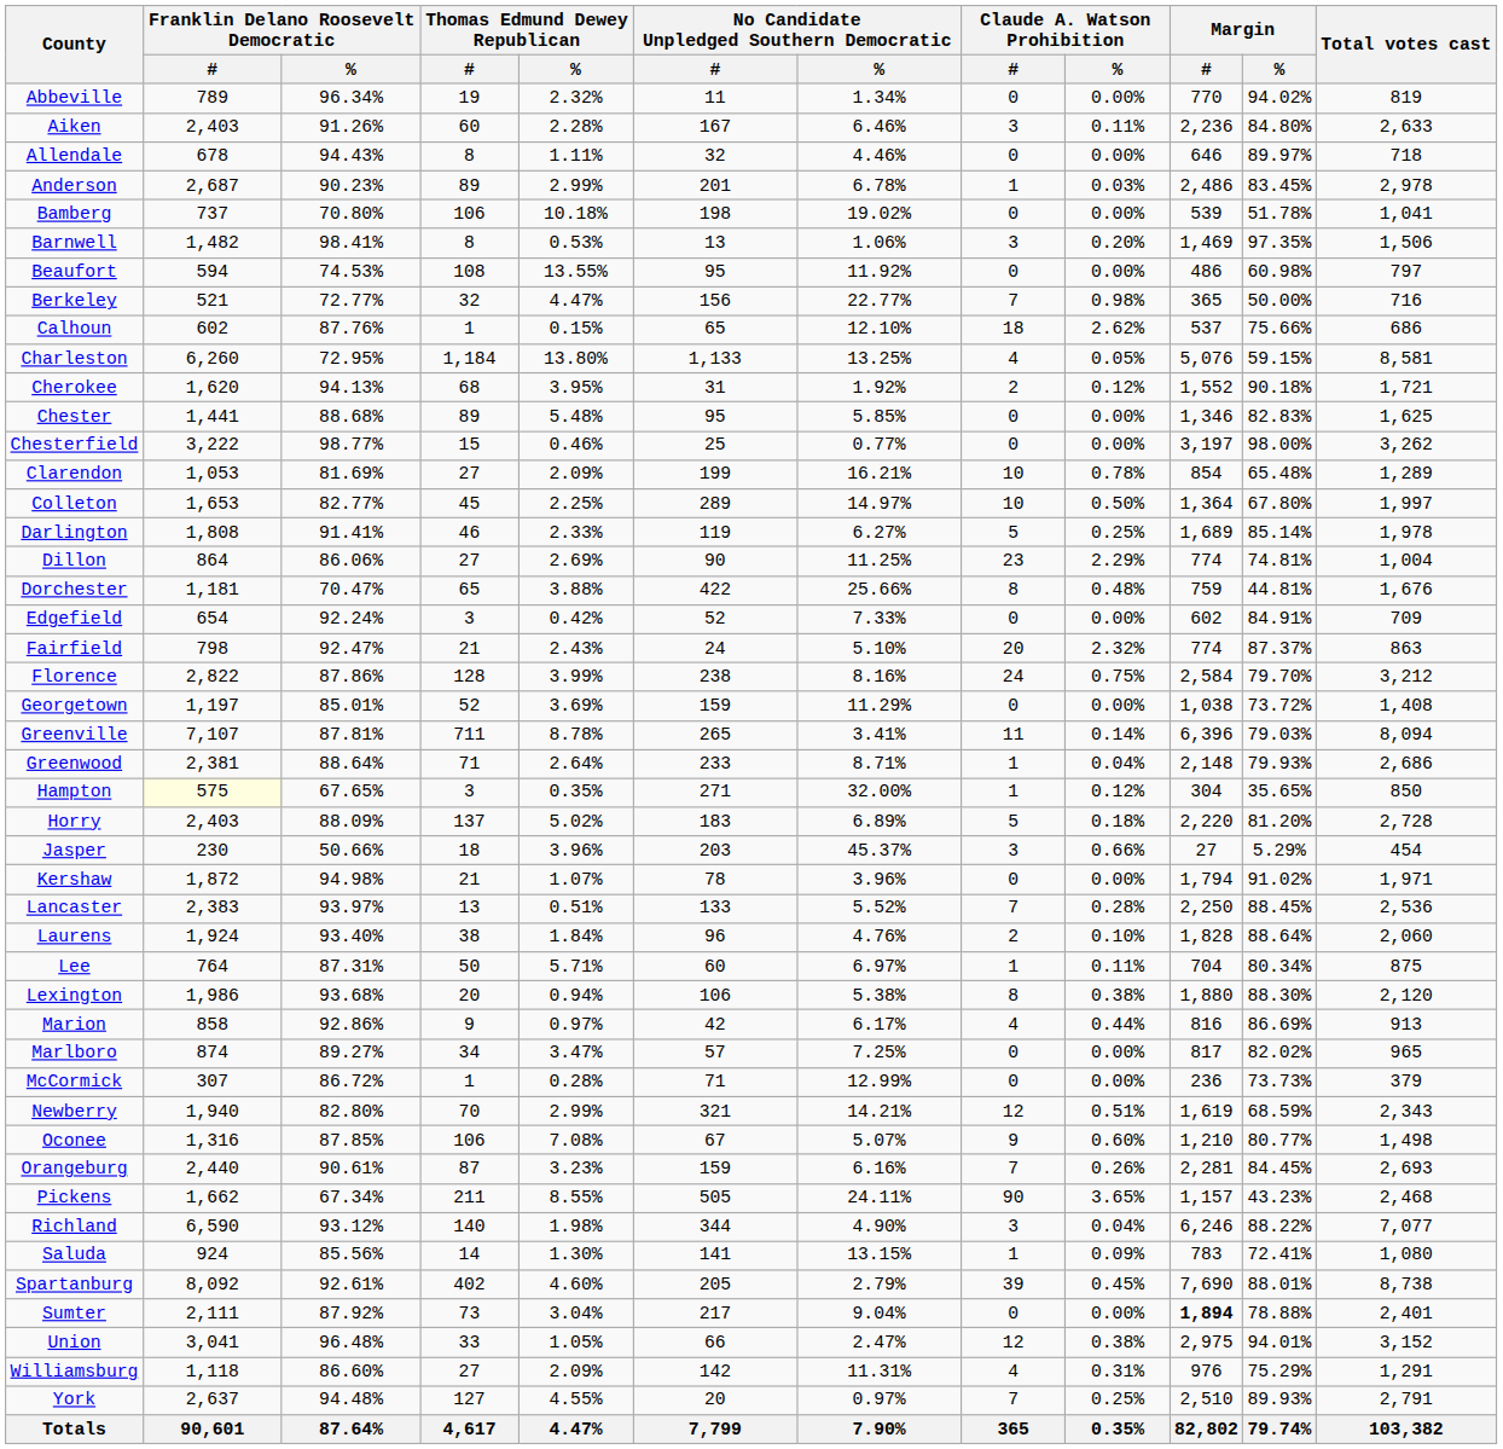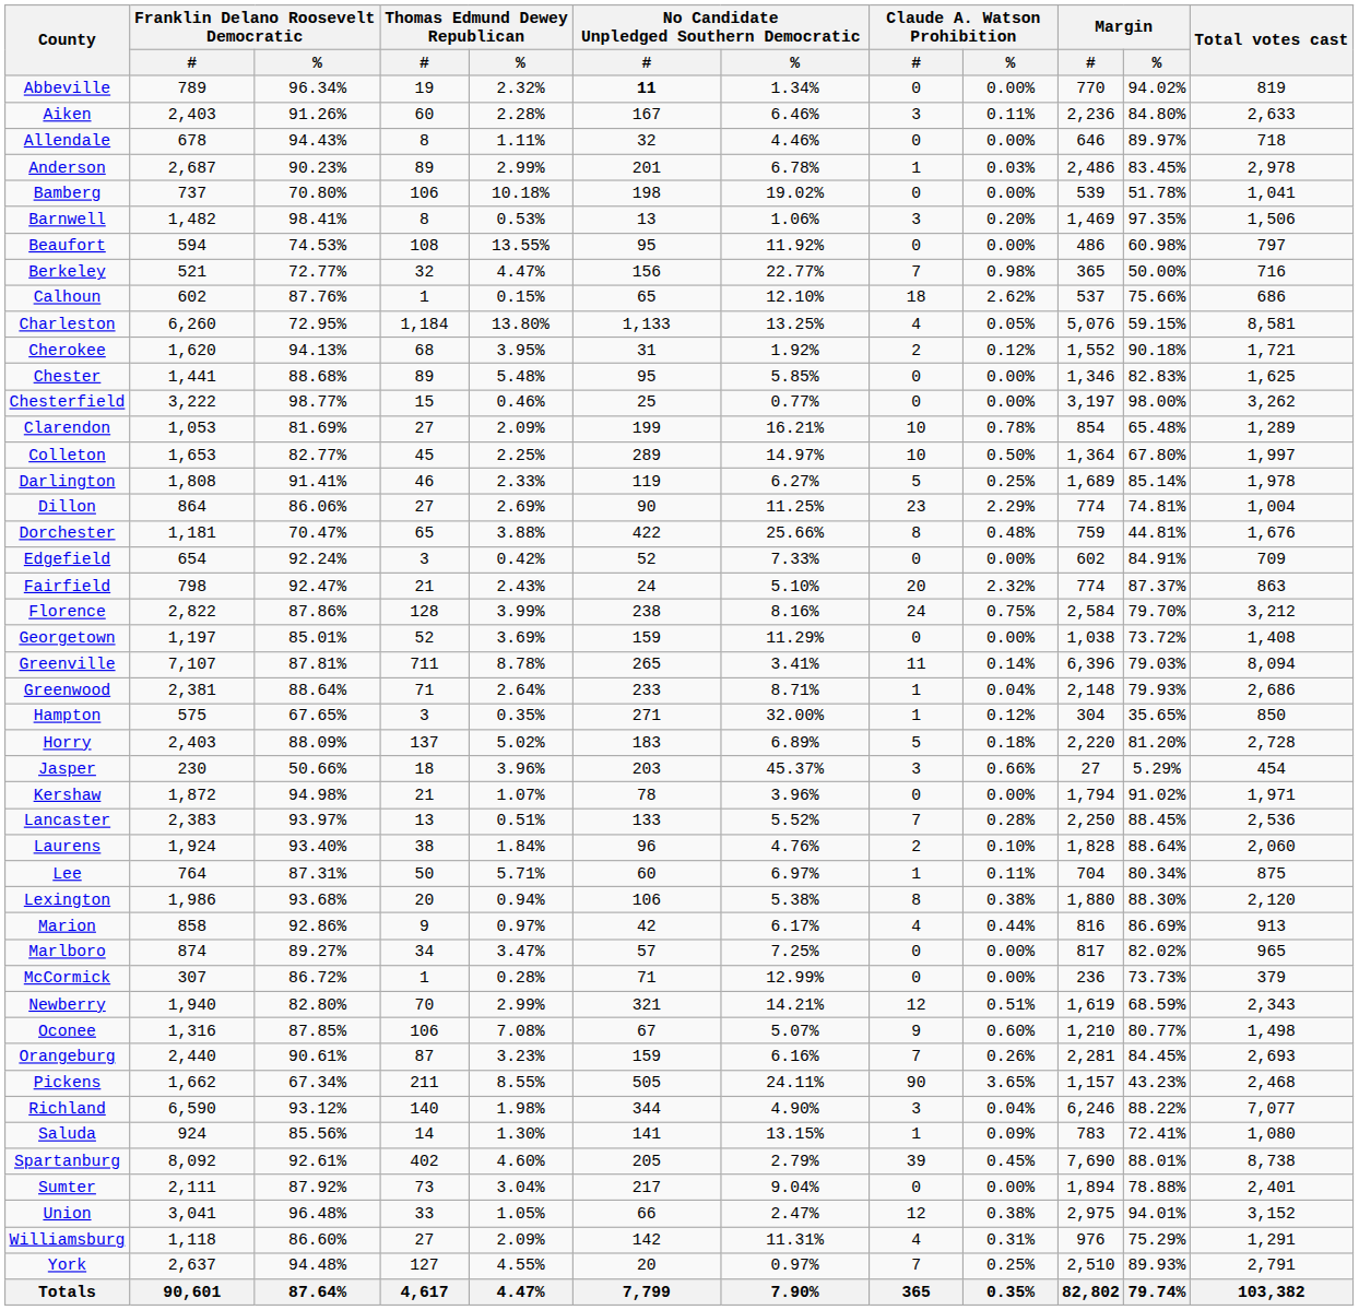 <table class="wikitable sortable mw-collapsible mw-collapsed" style="text-align:center">
 <tr>
 <th style="text-align:center;" rowspan="2">County</th>
 <th style="text-align:center;" colspan="2">Franklin Delano Roosevelt<br>Democratic</th>
 <th style="text-align:center;" colspan="2">Thomas Edmund Dewey<br>Republican</th>
 <th style="text-align:center;" colspan="2">No Candidate<br>Unpledged Southern Democratic</th>
 <th style="text-align:center;" colspan="2">Claude A. Watson<br>Prohibition</th>
 <th style="text-align:center;" colspan="2">Margin</th>
 <th style="text-align:center;" rowspan="2" data-sort-type="number">Total votes cast</th>
 </tr>
 <tr>
 <th data-sort-type="number">#</th>
 <th data-sort-type="number">%</th>
 <th data-sort-type="number">#</th>
 <th data-sort-type="number">%</th>
 <th width="11%" data-sort-type="number">#</th>
 <th width="11%" data-sort-type="number">%</th>
 <th width="7%" data-sort-type="number">#</th>
 <th width="7%" data-sort-type="number">%</th>
 <th data-sort-type="number">#</th>
 <th data-sort-type="number">%</th>
 </tr>
 <tr style="text-align:center;">
 <td><a href='#'>Abbeville</a></td>
 <td>789</td>
 <td>96.34%</td>
 <td>19</td>
 <td>2.32%</td>
-<td>11</td>
+<td><strong>11</strong></td>
 <td>1.34%</td>
 <td>0</td>
 <td>0.00%</td>
 <td>770</td>
 <td>94.02%</td>
 <td>819</td>
 </tr>
 <tr style="text-align:center;">
 <td><a href='#'>Aiken</a></td>
 <td>2,403</td>
 <td>91.26%</td>
 <td>60</td>
 <td>2.28%</td>
 <td>167</td>
 <td>6.46%</td>
 <td>3</td>
 <td>0.11%</td>
 <td>2,236</td>
 <td>84.80%</td>
 <td>2,633</td>
 </tr>
 <tr style="text-align:center;">
 <td><a href='#'>Allendale</a></td>
 <td>678</td>
 <td>94.43%</td>
 <td>8</td>
 <td>1.11%</td>
 <td>32</td>
 <td>4.46%</td>
 <td>0</td>
 <td>0.00%</td>
 <td>646</td>
 <td>89.97%</td>
 <td>718</td>
 </tr>
 <tr style="text-align:center;">
 <td><a href='#'>Anderson</a></td>
 <td>2,687</td>
 <td>90.23%</td>
 <td>89</td>
 <td>2.99%</td>
 <td>201</td>
 <td>6.78%</td>
 <td>1</td>
 <td>0.03%</td>
 <td>2,486</td>
 <td>83.45%</td>
 <td>2,978</td>
 </tr>
 <tr style="text-align:center;">
 <td><a href='#'>Bamberg</a></td>
 <td>737</td>
 <td>70.80%</td>
 <td>106</td>
 <td>10.18%</td>
 <td>198</td>
 <td>19.02%</td>
 <td>0</td>
 <td>0.00%</td>
 <td>539</td>
 <td>51.78%</td>
 <td>1,041</td>
 </tr>
 <tr style="text-align:center;">
 <td><a href='#'>Barnwell</a></td>
 <td>1,482</td>
 <td>98.41%</td>
 <td>8</td>
 <td>0.53%</td>
 <td>13</td>
 <td>1.06%</td>
 <td>3</td>
 <td>0.20%</td>
 <td>1,469</td>
 <td>97.35%</td>
 <td>1,506</td>
 </tr>
 <tr style="text-align:center;">
 <td><a href='#'>Beaufort</a></td>
 <td>594</td>
 <td>74.53%</td>
 <td>108</td>
 <td>13.55%</td>
 <td>95</td>
 <td>11.92%</td>
 <td>0</td>
 <td>0.00%</td>
 <td>486</td>
 <td>60.98%</td>
 <td>797</td>
 </tr>
 <tr style="text-align:center;">
 <td><a href='#'>Berkeley</a></td>
 <td>521</td>
 <td>72.77%</td>
 <td>32</td>
 <td>4.47%</td>
 <td>156</td>
 <td>22.77%</td>
 <td>7</td>
 <td>0.98%</td>
 <td>365</td>
 <td>50.00%</td>
 <td>716</td>
 </tr>
 <tr style="text-align:center;">
 <td><a href='#'>Calhoun</a></td>
 <td>602</td>
 <td>87.76%</td>
 <td>1</td>
 <td>0.15%</td>
 <td>65</td>
 <td>12.10%</td>
 <td>18</td>
 <td>2.62%</td>
 <td>537</td>
 <td>75.66%</td>
 <td>686</td>
 </tr>
 <tr style="text-align:center;">
 <td><a href='#'>Charleston</a></td>
 <td>6,260</td>
 <td>72.95%</td>
 <td>1,184</td>
 <td>13.80%</td>
 <td>1,133</td>
 <td>13.25%</td>
 <td>4</td>
 <td>0.05%</td>
 <td>5,076</td>
 <td>59.15%</td>
 <td>8,581</td>
 </tr>
 <tr style="text-align:center;">
 <td><a href='#'>Cherokee</a></td>
 <td>1,620</td>
 <td>94.13%</td>
 <td>68</td>
 <td>3.95%</td>
 <td>31</td>
 <td>1.92%</td>
 <td>2</td>
 <td>0.12%</td>
 <td>1,552</td>
 <td>90.18%</td>
 <td>1,721</td>
 </tr>
 <tr style="text-align:center;">
 <td><a href='#'>Chester</a></td>
 <td>1,441</td>
 <td>88.68%</td>
 <td>89</td>
 <td>5.48%</td>
 <td>95</td>
 <td>5.85%</td>
 <td>0</td>
 <td>0.00%</td>
 <td>1,346</td>
 <td>82.83%</td>
 <td>1,625</td>
 </tr>
 <tr style="text-align:center;">
 <td><a href='#'>Chesterfield</a></td>
 <td>3,222</td>
 <td>98.77%</td>
 <td>15</td>
 <td>0.46%</td>
 <td>25</td>
 <td>0.77%</td>
 <td>0</td>
 <td>0.00%</td>
 <td>3,197</td>
 <td>98.00%</td>
 <td>3,262</td>
 </tr>
 <tr style="text-align:center;">
 <td><a href='#'>Clarendon</a></td>
 <td>1,053</td>
 <td>81.69%</td>
 <td>27</td>
 <td>2.09%</td>
 <td>199</td>
 <td>16.21%</td>
 <td>10</td>
 <td>0.78%</td>
 <td>854</td>
 <td>65.48%</td>
 <td>1,289</td>
 </tr>
 <tr style="text-align:center;">
 <td><a href='#'>Colleton</a></td>
 <td>1,653</td>
 <td>82.77%</td>
 <td>45</td>
 <td>2.25%</td>
 <td>289</td>
 <td>14.97%</td>
 <td>10</td>
 <td>0.50%</td>
 <td>1,364</td>
 <td>67.80%</td>
 <td>1,997</td>
 </tr>
 <tr style="text-align:center;">
 <td><a href='#'>Darlington</a></td>
 <td>1,808</td>
 <td>91.41%</td>
 <td>46</td>
 <td>2.33%</td>
 <td>119</td>
 <td>6.27%</td>
 <td>5</td>
 <td>0.25%</td>
 <td>1,689</td>
 <td>85.14%</td>
 <td>1,978</td>
 </tr>
 <tr style="text-align:center;">
 <td><a href='#'>Dillon</a></td>
 <td>864</td>
 <td>86.06%</td>
 <td>27</td>
 <td>2.69%</td>
 <td>90</td>
 <td>11.25%</td>
 <td>23</td>
 <td>2.29%</td>
 <td>774</td>
 <td>74.81%</td>
 <td>1,004</td>
 </tr>
 <tr style="text-align:center;">
 <td><a href='#'>Dorchester</a></td>
 <td>1,181</td>
 <td>70.47%</td>
 <td>65</td>
 <td>3.88%</td>
 <td>422</td>
 <td>25.66%</td>
 <td>8</td>
 <td>0.48%</td>
 <td>759</td>
 <td>44.81%</td>
 <td>1,676</td>
 </tr>
 <tr style="text-align:center;">
 <td><a href='#'>Edgefield</a></td>
 <td>654</td>
 <td>92.24%</td>
 <td>3</td>
 <td>0.42%</td>
 <td>52</td>
 <td>7.33%</td>
 <td>0</td>
 <td>0.00%</td>
 <td>602</td>
 <td>84.91%</td>
 <td>709</td>
 </tr>
 <tr style="text-align:center;">
 <td><a href='#'>Fairfield</a></td>
 <td>798</td>
 <td>92.47%</td>
 <td>21</td>
 <td>2.43%</td>
 <td>24</td>
 <td>5.10%</td>
 <td>20</td>
 <td>2.32%</td>
 <td>774</td>
 <td>87.37%</td>
 <td>863</td>
 </tr>
 <tr style="text-align:center;">
 <td><a href='#'>Florence</a></td>
 <td>2,822</td>
 <td>87.86%</td>
 <td>128</td>
 <td>3.99%</td>
 <td>238</td>
 <td>8.16%</td>
 <td>24</td>
 <td>0.75%</td>
 <td>2,584</td>
 <td>79.70%</td>
 <td>3,212</td>
 </tr>
 <tr style="text-align:center;">
 <td><a href='#'>Georgetown</a></td>
 <td>1,197</td>
 <td>85.01%</td>
 <td>52</td>
 <td>3.69%</td>
 <td>159</td>
 <td>11.29%</td>
 <td>0</td>
 <td>0.00%</td>
 <td>1,038</td>
 <td>73.72%</td>
 <td>1,408</td>
 </tr>
 <tr style="text-align:center;">
 <td><a href='#'>Greenville</a></td>
 <td>7,107</td>
 <td>87.81%</td>
 <td>711</td>
 <td>8.78%</td>
 <td>265</td>
 <td>3.41%</td>
 <td>11</td>
 <td>0.14%</td>
 <td>6,396</td>
 <td>79.03%</td>
 <td>8,094</td>
 </tr>
 <tr style="text-align:center;">
 <td><a href='#'>Greenwood</a></td>
 <td>2,381</td>
 <td>88.64%</td>
 <td>71</td>
 <td>2.64%</td>
 <td>233</td>
 <td>8.71%</td>
 <td>1</td>
 <td>0.04%</td>
 <td>2,148</td>
 <td>79.93%</td>
 <td>2,686</td>
 </tr>
 <tr style="text-align:center;">
 <td><a href='#'>Hampton</a></td>
-<td style="background: lightyellow;">575</td>
+<td>575</td>
 <td>67.65%</td>
 <td>3</td>
 <td>0.35%</td>
 <td>271</td>
 <td>32.00%</td>
 <td>1</td>
 <td>0.12%</td>
 <td>304</td>
 <td>35.65%</td>
 <td>850</td>
 </tr>
 <tr style="text-align:center;">
 <td><a href='#'>Horry</a></td>
 <td>2,403</td>
 <td>88.09%</td>
 <td>137</td>
 <td>5.02%</td>
 <td>183</td>
 <td>6.89%</td>
 <td>5</td>
 <td>0.18%</td>
 <td>2,220</td>
 <td>81.20%</td>
 <td>2,728</td>
 </tr>
 <tr style="text-align:center;">
 <td><a href='#'>Jasper</a></td>
 <td>230</td>
 <td>50.66%</td>
 <td>18</td>
 <td>3.96%</td>
 <td>203</td>
 <td>45.37%</td>
 <td>3</td>
 <td>0.66%</td>
 <td>27</td>
 <td>5.29%</td>
 <td>454</td>
 </tr>
 <tr style="text-align:center;">
 <td><a href='#'>Kershaw</a></td>
 <td>1,872</td>
 <td>94.98%</td>
 <td>21</td>
 <td>1.07%</td>
 <td>78</td>
 <td>3.96%</td>
 <td>0</td>
 <td>0.00%</td>
 <td>1,794</td>
 <td>91.02%</td>
 <td>1,971</td>
 </tr>
 <tr style="text-align:center;">
 <td><a href='#'>Lancaster</a></td>
 <td>2,383</td>
 <td>93.97%</td>
 <td>13</td>
 <td>0.51%</td>
 <td>133</td>
 <td>5.52%</td>
 <td>7</td>
 <td>0.28%</td>
 <td>2,250</td>
 <td>88.45%</td>
 <td>2,536</td>
 </tr>
 <tr style="text-align:center;">
 <td><a href='#'>Laurens</a></td>
 <td>1,924</td>
 <td>93.40%</td>
 <td>38</td>
 <td>1.84%</td>
 <td>96</td>
 <td>4.76%</td>
 <td>2</td>
 <td>0.10%</td>
 <td>1,828</td>
 <td>88.64%</td>
 <td>2,060</td>
 </tr>
 <tr style="text-align:center;">
 <td><a href='#'>Lee</a></td>
 <td>764</td>
 <td>87.31%</td>
 <td>50</td>
 <td>5.71%</td>
 <td>60</td>
 <td>6.97%</td>
 <td>1</td>
 <td>0.11%</td>
 <td>704</td>
 <td>80.34%</td>
 <td>875</td>
 </tr>
 <tr style="text-align:center;">
 <td><a href='#'>Lexington</a></td>
 <td>1,986</td>
 <td>93.68%</td>
 <td>20</td>
 <td>0.94%</td>
 <td>106</td>
 <td>5.38%</td>
 <td>8</td>
 <td>0.38%</td>
 <td>1,880</td>
 <td>88.30%</td>
 <td>2,120</td>
 </tr>
 <tr style="text-align:center;">
 <td><a href='#'>Marion</a></td>
 <td>858</td>
 <td>92.86%</td>
 <td>9</td>
 <td>0.97%</td>
 <td>42</td>
 <td>6.17%</td>
 <td>4</td>
 <td>0.44%</td>
 <td>816</td>
 <td>86.69%</td>
 <td>913</td>
 </tr>
 <tr style="text-align:center;">
 <td><a href='#'>Marlboro</a></td>
 <td>874</td>
 <td>89.27%</td>
 <td>34</td>
 <td>3.47%</td>
 <td>57</td>
 <td>7.25%</td>
 <td>0</td>
 <td>0.00%</td>
 <td>817</td>
 <td>82.02%</td>
 <td>965</td>
 </tr>
 <tr style="text-align:center;">
 <td><a href='#'>McCormick</a></td>
 <td>307</td>
 <td>86.72%</td>
 <td>1</td>
 <td>0.28%</td>
 <td>71</td>
 <td>12.99%</td>
 <td>0</td>
 <td>0.00%</td>
 <td>236</td>
 <td>73.73%</td>
 <td>379</td>
 </tr>
 <tr style="text-align:center;">
 <td><a href='#'>Newberry</a></td>
 <td>1,940</td>
 <td>82.80%</td>
 <td>70</td>
 <td>2.99%</td>
 <td>321</td>
 <td>14.21%</td>
 <td>12</td>
 <td>0.51%</td>
 <td>1,619</td>
 <td>68.59%</td>
 <td>2,343</td>
 </tr>
 <tr style="text-align:center;">
 <td><a href='#'>Oconee</a></td>
 <td>1,316</td>
 <td>87.85%</td>
 <td>106</td>
 <td>7.08%</td>
 <td>67</td>
 <td>5.07%</td>
 <td>9</td>
 <td>0.60%</td>
 <td>1,210</td>
 <td>80.77%</td>
 <td>1,498</td>
 </tr>
 <tr style="text-align:center;">
 <td><a href='#'>Orangeburg</a></td>
 <td>2,440</td>
 <td>90.61%</td>
 <td>87</td>
 <td>3.23%</td>
 <td>159</td>
 <td>6.16%</td>
 <td>7</td>
 <td>0.26%</td>
 <td>2,281</td>
 <td>84.45%</td>
 <td>2,693</td>
 </tr>
 <tr style="text-align:center;">
 <td><a href='#'>Pickens</a></td>
 <td>1,662</td>
 <td>67.34%</td>
 <td>211</td>
 <td>8.55%</td>
 <td>505</td>
 <td>24.11%</td>
 <td>90</td>
 <td>3.65%</td>
 <td>1,157</td>
 <td>43.23%</td>
 <td>2,468</td>
 </tr>
 <tr style="text-align:center;">
 <td><a href='#'>Richland</a></td>
 <td>6,590</td>
 <td>93.12%</td>
 <td>140</td>
 <td>1.98%</td>
 <td>344</td>
 <td>4.90%</td>
 <td>3</td>
 <td>0.04%</td>
 <td>6,246</td>
 <td>88.22%</td>
 <td>7,077</td>
 </tr>
 <tr style="text-align:center;">
 <td><a href='#'>Saluda</a></td>
 <td>924</td>
 <td>85.56%</td>
 <td>14</td>
 <td>1.30%</td>
 <td>141</td>
 <td>13.15%</td>
 <td>1</td>
 <td>0.09%</td>
 <td>783</td>
 <td>72.41%</td>
 <td>1,080</td>
 </tr>
 <tr style="text-align:center;">
 <td><a href='#'>Spartanburg</a></td>
 <td>8,092</td>
 <td>92.61%</td>
 <td>402</td>
 <td>4.60%</td>
 <td>205</td>
 <td>2.79%</td>
 <td>39</td>
 <td>0.45%</td>
 <td>7,690</td>
 <td>88.01%</td>
 <td>8,738</td>
 </tr>
 <tr style="text-align:center;">
 <td><a href='#'>Sumter</a></td>
 <td>2,111</td>
 <td>87.92%</td>
 <td>73</td>
 <td>3.04%</td>
 <td>217</td>
 <td>9.04%</td>
 <td>0</td>
 <td>0.00%</td>
-<td><strong>1,894</strong></td>
+<td>1,894</td>
 <td>78.88%</td>
 <td>2,401</td>
 </tr>
 <tr style="text-align:center;">
 <td><a href='#'>Union</a></td>
 <td>3,041</td>
 <td>96.48%</td>
 <td>33</td>
 <td>1.05%</td>
 <td>66</td>
 <td>2.47%</td>
 <td>12</td>
 <td>0.38%</td>
 <td>2,975</td>
 <td>94.01%</td>
 <td>3,152</td>
 </tr>
 <tr style="text-align:center;">
 <td><a href='#'>Williamsburg</a></td>
 <td>1,118</td>
 <td>86.60%</td>
 <td>27</td>
 <td>2.09%</td>
 <td>142</td>
 <td>11.31%</td>
 <td>4</td>
 <td>0.31%</td>
 <td>976</td>
 <td>75.29%</td>
 <td>1,291</td>
 </tr>
 <tr style="text-align:center;">
 <td><a href='#'>York</a></td>
 <td>2,637</td>
 <td>94.48%</td>
 <td>127</td>
 <td>4.55%</td>
 <td>20</td>
 <td>0.97%</td>
 <td>7</td>
 <td>0.25%</td>
 <td>2,510</td>
 <td>89.93%</td>
 <td>2,791</td>
 </tr>
 <tr style="text-align:center;">
 <th>Totals</th>
 <th>90,601</th>
 <th>87.64%</th>
 <th>4,617</th>
 <th>4.47%</th>
 <th>7,799</th>
 <th>7.90%</th>
 <th>365</th>
 <th>0.35%</th>
 <th>82,802</th>
 <th>79.74%</th>
 <th>103,382</th>
 </tr>
 </table>
